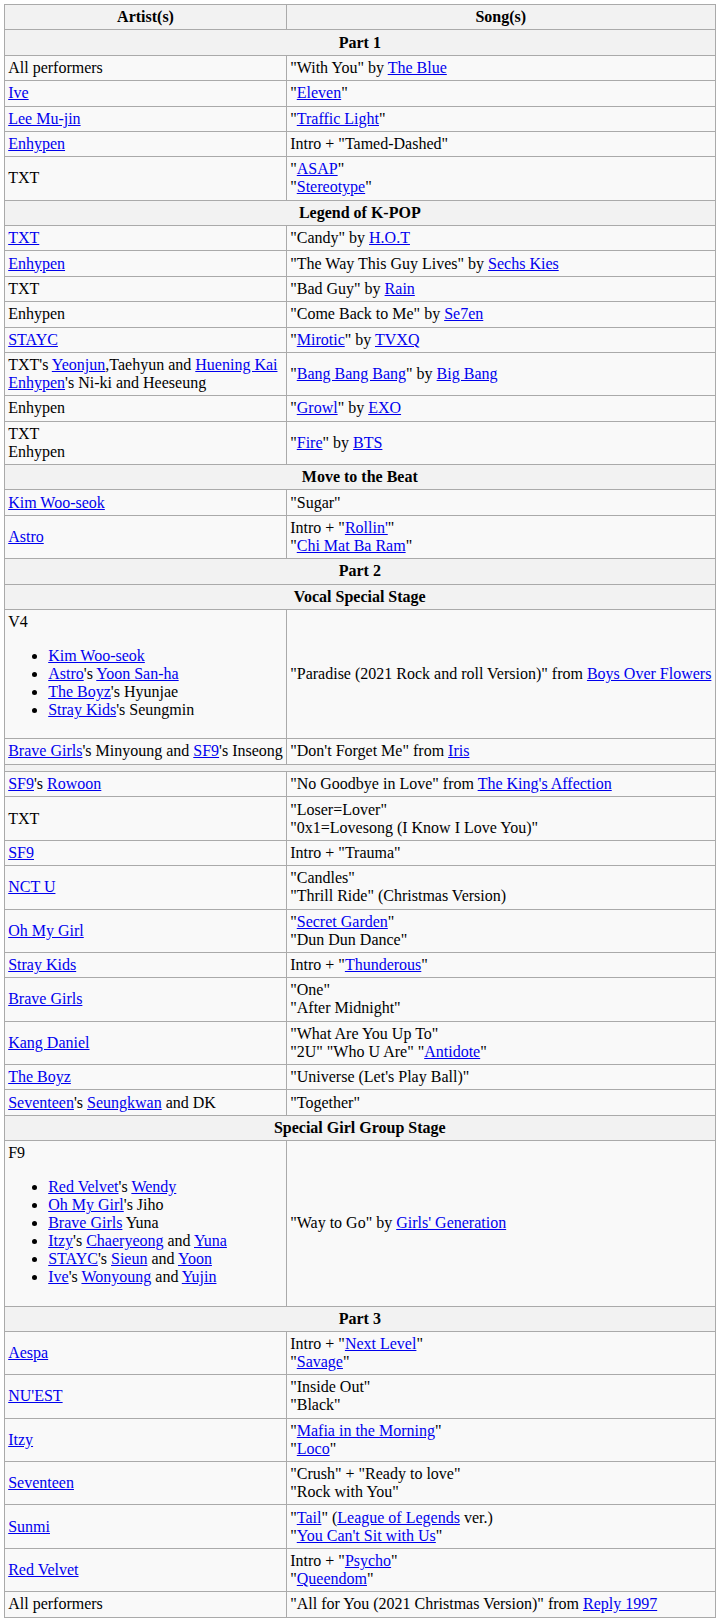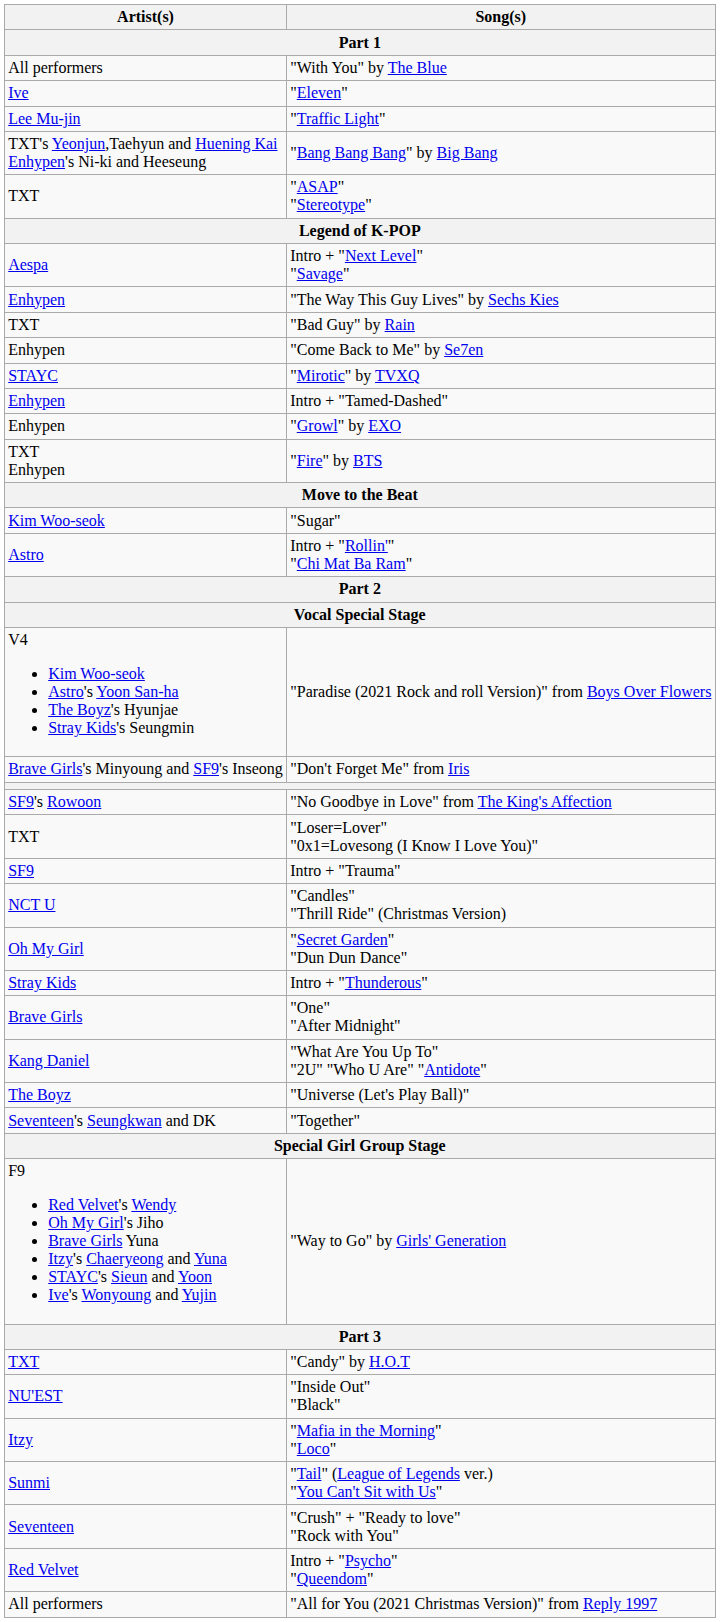 <table class="wikitable">
 <tr>
 <th>Artist(s)</th>
 <th>Song(s)</th>
 </tr>
 <tr>
 <th colspan="2">Part 1</th>
 </tr>
 <tr>
 <td>All performers</td>
 <td>"With You" by <a href='#'>The Blue</a></td>
 </tr>
 <tr>
 <td><a href='#'>Ive</a></td>
 <td>"<a href='#'>Eleven</a>"</td>
 </tr>
 <tr>
 <td><a href='#'>Lee Mu-jin</a></td>
 <td>"<a href='#'>Traffic Light</a>"</td>
 </tr>
 <tr>
-<td><a href='#'>Enhypen</a></td>
-<td>Intro + "Tamed-Dashed"</td>
+<td>TXT's <a href='#'>Yeonjun</a>,Taehyun and <a href='#'>Huening Kai</a><br><a href='#'>Enhypen</a>'s Ni-ki and Heeseung</td>
+<td>"<a href='#'>Bang Bang Bang</a>" by <a href='#'>Big Bang</a></td>
 </tr>
 <tr>
 <td>TXT</td>
 <td>"<a href='#'>ASAP</a>"<br>"<a href='#'>Stereotype</a>"</td>
 </tr>
 <tr>
 <th colspan="2">Legend of K-POP</th>
 </tr>
 <tr>
-<td><a href='#'>TXT</a></td>
-<td>"Candy" by <a href='#'>H.O.T</a></td>
+<td><a href='#'>Aespa</a></td>
+<td>Intro + "<a href='#'>Next Level</a>"<br>"<a href='#'>Savage</a>"</td>
 </tr>
 <tr>
 <td><a href='#'>Enhypen</a></td>
 <td>"The Way This Guy Lives" by <a href='#'>Sechs Kies</a></td>
 </tr>
 <tr>
 <td>TXT</td>
 <td>"Bad Guy" by <a href='#'>Rain</a></td>
 </tr>
 <tr>
 <td>Enhypen</td>
 <td>"Come Back to Me" by <a href='#'>Se7en</a></td>
 </tr>
 <tr>
 <td><a href='#'>STAYC</a></td>
 <td>"<a href='#'>Mirotic</a>" by <a href='#'>TVXQ</a></td>
 </tr>
 <tr>
-<td>TXT's <a href='#'>Yeonjun</a>,Taehyun and <a href='#'>Huening Kai</a><br><a href='#'>Enhypen</a>'s Ni-ki and Heeseung</td>
-<td>"<a href='#'>Bang Bang Bang</a>" by <a href='#'>Big Bang</a></td>
+<td><a href='#'>Enhypen</a></td>
+<td>Intro + "Tamed-Dashed"</td>
 </tr>
 <tr>
 <td>Enhypen</td>
 <td>"<a href='#'>Growl</a>" by <a href='#'>EXO</a></td>
 </tr>
 <tr>
 <td>TXT<br>Enhypen</td>
 <td>"<a href='#'>Fire</a>" by <a href='#'>BTS</a></td>
 </tr>
 <tr>
 <th colspan="2">Move to the Beat</th>
 </tr>
 <tr>
 <td><a href='#'>Kim Woo-seok</a></td>
 <td>"Sugar"</td>
 </tr>
 <tr>
 <td><a href='#'>Astro</a></td>
 <td>Intro + "<a href='#'>Rollin'</a>"<br>"<a href='#'>Chi Mat Ba Ram</a>" </td>
 </tr>
 <tr>
 <th colspan="2">Part 2</th>
 </tr>
 <tr>
 <th colspan="2">Vocal Special Stage</th>
 </tr>
 <tr>
 <td>V4<br><ul><li><a href='#'>Kim Woo-seok</a></li><li><a href='#'>Astro</a>'s <a href='#'>Yoon San-ha</a></li><li><a href='#'>The Boyz</a>'s Hyunjae</li><li><a href='#'>Stray Kids</a>'s Seungmin</li></ul></td>
 <td>"Paradise (2021 Rock and roll Version)" from <a href='#'>Boys Over Flowers</a></td>
 </tr>
 <tr>
 <td><a href='#'>Brave Girls</a>'s Minyoung and <a href='#'>SF9</a>'s Inseong</td>
 <td>"Don't Forget Me" from <a href='#'>Iris</a></td>
 </tr>
 <tr>
 <th colspan="2"></th>
 </tr>
 <tr>
 <td><a href='#'>SF9</a>'s <a href='#'>Rowoon</a></td>
 <td>"No Goodbye in Love" from <a href='#'>The King's Affection</a></td>
 </tr>
 <tr>
 <td>TXT</td>
 <td>"Loser=Lover"<br>"0x1=Lovesong (I Know I Love You)" </td>
 </tr>
 <tr>
 <td><a href='#'>SF9</a></td>
 <td>Intro + "Trauma"<br></td>
 </tr>
 <tr>
 <td><a href='#'>NCT U</a></td>
 <td>"Candles"<br>"Thrill Ride" (Christmas Version) </td>
 </tr>
 <tr>
 <td><a href='#'>Oh My Girl</a></td>
 <td>"<a href='#'>Secret Garden</a>"<br>"Dun Dun Dance" </td>
 </tr>
 <tr>
 <td><a href='#'>Stray Kids</a></td>
 <td>Intro + "<a href='#'>Thunderous</a>"<br></td>
 </tr>
 <tr>
 <td><a href='#'>Brave Girls</a></td>
 <td>"One"<br>"After Midnight" </td>
 </tr>
 <tr>
 <td><a href='#'>Kang Daniel</a></td>
 <td>"What Are You Up To"<br>"2U" "Who U Are" "<a href='#'>Antidote</a>" </td>
 </tr>
 <tr>
 <td><a href='#'>The Boyz</a></td>
 <td>"Universe (Let's Play Ball)"<br></td>
 </tr>
 <tr>
 <td><a href='#'>Seventeen</a>'s <a href='#'>Seungkwan</a> and DK</td>
 <td>"Together"<br></td>
 </tr>
 <tr>
 <th colspan="2">Special Girl Group Stage </th>
 </tr>
 <tr>
 <td>F9<br><ul><li><a href='#'>Red Velvet</a>'s <a href='#'>Wendy</a></li><li><a href='#'>Oh My Girl</a>'s Jiho</li><li><a href='#'>Brave Girls</a> Yuna</li><li><a href='#'>Itzy</a>'s <a href='#'>Chaeryeong</a> and <a href='#'>Yuna</a></li><li><a href='#'>STAYC</a>'s <a href='#'>Sieun</a> and <a href='#'>Yoon</a></li><li><a href='#'>Ive</a>'s <a href='#'>Wonyoung</a> and <a href='#'>Yujin</a></li></ul></td>
 <td>"Way to Go" by <a href='#'>Girls' Generation</a></td>
 </tr>
 <tr>
 <th colspan="2">Part 3</th>
 </tr>
 <tr>
-<td><a href='#'>Aespa</a></td>
-<td>Intro + "<a href='#'>Next Level</a>"<br>"<a href='#'>Savage</a>"</td>
+<td><a href='#'>TXT</a></td>
+<td>"Candy" by <a href='#'>H.O.T</a></td>
 </tr>
 <tr>
 <td><a href='#'>NU'EST</a></td>
 <td>"Inside Out"<br>"Black"</td>
 </tr>
 <tr>
 <td><a href='#'>Itzy</a></td>
 <td>"<a href='#'>Mafia in the Morning</a>"<br>"<a href='#'>Loco</a>"</td>
 </tr>
 <tr>
+<td><a href='#'>Sunmi</a></td>
+<td>"<a href='#'>Tail</a>" (<a href='#'>League of Legends</a> ver.)<br>"<a href='#'>You Can't Sit with Us</a>"</td>
+</tr>
+<tr>
 <td><a href='#'>Seventeen</a></td>
 <td>"Crush" + "Ready to love"<br>"Rock with You"</td>
-</tr>
-<tr>
-<td><a href='#'>Sunmi</a></td>
-<td>"<a href='#'>Tail</a>" (<a href='#'>League of Legends</a> ver.)<br>"<a href='#'>You Can't Sit with Us</a>"</td>
 </tr>
 <tr>
 <td><a href='#'>Red Velvet</a></td>
 <td>Intro + "<a href='#'>Psycho</a>"<br>"<a href='#'>Queendom</a>" </td>
 </tr>
 <tr>
 <td>All performers</td>
 <td>"All for You (2021 Christmas Version)" from <a href='#'>Reply 1997</a></td>
 </tr>
 </table>
